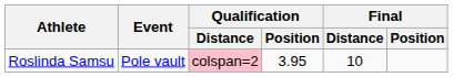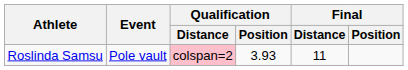 <table class=wikitable style="font-size:90%">
 <tr>
 <th rowspan="2">Athlete</th>
 <th rowspan="2">Event</th>
 <th colspan="2">Qualification</th>
 <th colspan="2">Final</th>
 </tr>
 <tr style="font-size:95%">
 <th>Distance</th>
 <th>Position</th>
 <th>Distance</th>
 <th>Position</th>
 </tr>
 <tr align=center>
 <td align=left><a href='#'>Roslinda Samsu</a></td>
 <td align=left><a href='#'>Pole vault</a></td>
 <td style="background: pink;">colspan=2 </td>
-<td>3.95</td>
-<td>10</td>
+<td>3.93</td>
+<td>11</td>
 </tr>
 </table>
